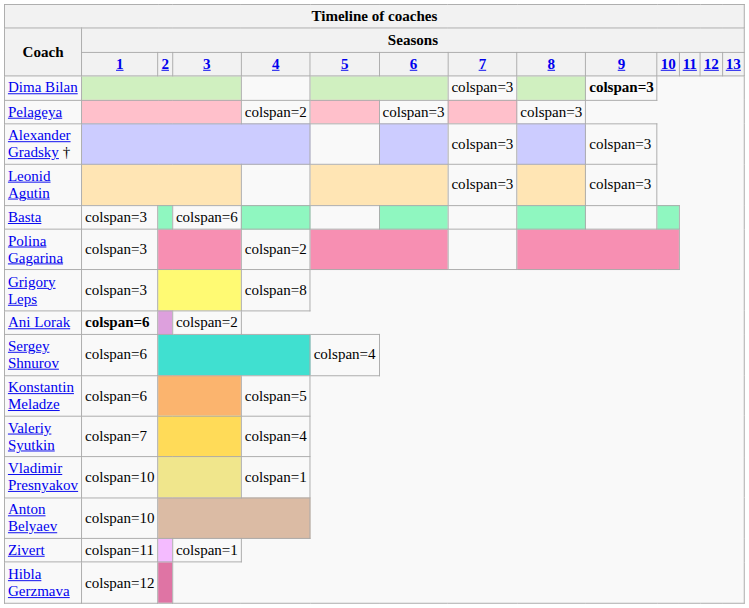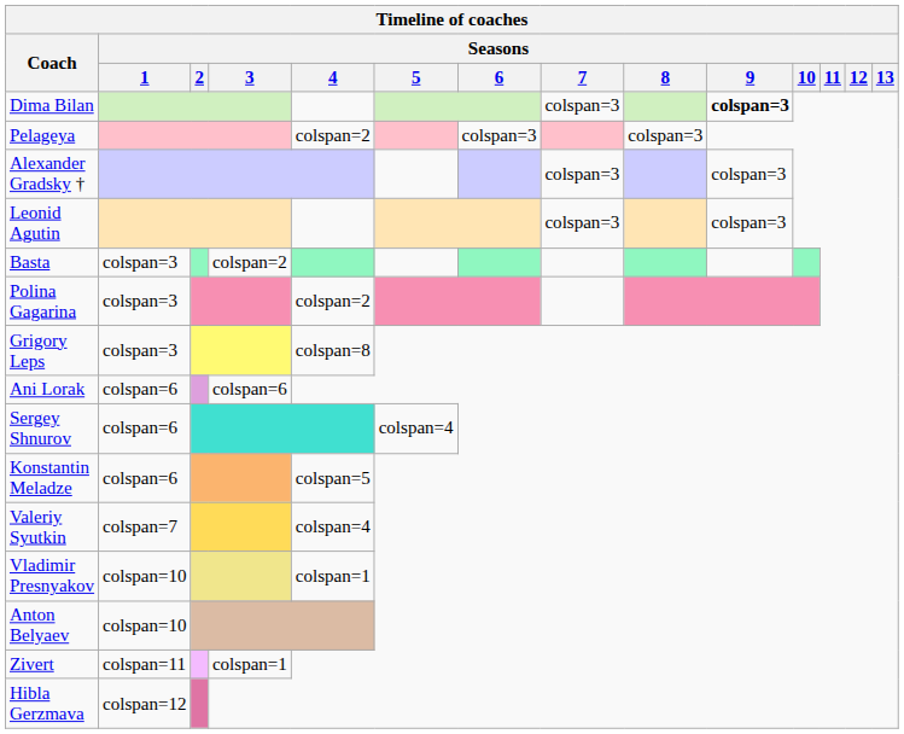 <table class="wikitable plainrowheaders collapsible mw-collapsible" style="max-width:600px">
 <tr>
 <th colspan=14>Timeline of coaches</th>
 </tr>
 <tr>
 <th rowspan="2">Coach</th>
 <th colspan="13">Seasons</th>
 </tr>
 <tr>
 <th style="width:5%"><a href='#'>1</a></th>
 <th style="width:5%"><a href='#'>2</a></th>
 <th style="width:5%"><a href='#'>3</a></th>
 <th style="width:5%"><a href='#'>4</a></th>
 <th style="width:5%"><a href='#'>5</a></th>
 <th style="width:5%"><a href='#'>6</a></th>
 <th style="width:5%"><a href='#'>7</a></th>
 <th style="width:5%"><a href='#'>8</a></th>
 <th style="width:5%"><a href='#'>9</a></th>
 <th style="width:5%"><a href='#'>10</a></th>
 <th style="width:5%"><a href='#'>11</a></th>
 <th style="width:5%"><a href='#'>12</a></th>
 <th style="width:5%"><a href='#'>13</a></th>
 </tr>
 <tr>
 <td><a href='#'>Dima Bilan</a></td>
 <td colspan=3 bgcolor="#d0f0c0"></td>
 <td></td>
 <td colspan=2 bgcolor="#d0f0c0"></td>
 <td>colspan=3 </td>
 <td bgcolor="#d0f0c0"></td>
 <td><strong>colspan=3 </strong></td>
 </tr>
 <tr>
 <td><a href='#'>Pelageya</a></td>
 <td colspan=3 bgcolor="pink"></td>
 <td>colspan=2 </td>
 <td bgcolor="pink"></td>
 <td>colspan=3 </td>
 <td bgcolor="pink"></td>
 <td>colspan=3 </td>
 </tr>
 <tr>
 <td><a href='#'>Alexander Gradsky</a> †</td>
 <td colspan=4 bgcolor="#ccf"></td>
 <td></td>
 <td bgcolor="#ccf"></td>
 <td>colspan=3 </td>
 <td bgcolor="#ccf"></td>
 <td>colspan=3 </td>
 </tr>
 <tr>
 <td><a href='#'>Leonid Agutin</a></td>
 <td colspan=3 bgcolor="#ffe5b4"></td>
 <td></td>
 <td colspan=2 bgcolor="#ffe5b4"></td>
 <td>colspan=3 </td>
 <td bgcolor="#ffe5b4"></td>
 <td>colspan=3 </td>
 </tr>
 <tr>
 <td><a href='#'>Basta</a></td>
 <td>colspan=3 </td>
 <td bgcolor="#8ff7c0"></td>
-<td>colspan=6 </td>
+<td>colspan=2 </td>
 <td bgcolor="#8ff7c0"></td>
 <td></td>
 <td bgcolor="#8ff7c0"></td>
 <td></td>
 <td bgcolor="#8ff7c0"></td>
 <td></td>
 <td bgcolor="#8ff7c0"></td>
 </tr>
 <tr>
 <td><a href='#'>Polina Gagarina</a></td>
 <td>colspan=3 </td>
 <td colspan=2 bgcolor="#f78fb2"></td>
 <td>colspan=2 </td>
 <td colspan=2 bgcolor="#f78fb2"></td>
 <td></td>
 <td colspan=3 bgcolor="#f78fb2"></td>
 </tr>
 <tr>
 <td><a href='#'>Grigory Leps</a></td>
 <td>colspan=3 </td>
 <td colspan=2 bgcolor="#fffa73"></td>
 <td>colspan=8 </td>
 </tr>
 <tr>
 <td><a href='#'>Ani Lorak</a></td>
-<td><strong>colspan=6 </strong></td>
+<td>colspan=6 </td>
 <td bgcolor="#dda0dd"></td>
-<td>colspan=2 </td>
+<td>colspan=6 </td>
 </tr>
 <tr>
 <td><a href='#'>Sergey Shnurov</a></td>
 <td>colspan=6 </td>
 <td colspan=3 bgcolor="turquoise"></td>
 <td>colspan=4 </td>
 </tr>
 <tr>
 <td><a href='#'>Konstantin Meladze</a></td>
 <td>colspan=6 </td>
 <td colspan=2 bgcolor="fbb46e"></td>
 <td>colspan=5 </td>
 </tr>
 <tr>
 <td><a href='#'>Valeriy Syutkin</a></td>
 <td>colspan=7 </td>
 <td colspan=2 bgcolor="#ffdb58"></td>
 <td>colspan=4 </td>
 </tr>
 <tr>
 <td><a href='#'>Vladimir Presnyakov</a></td>
 <td>colspan=10 </td>
 <td colspan=2 bgcolor="khaki "></td>
 <td>colspan=1 </td>
 </tr>
 <tr>
 <td><a href='#'>Anton Belyaev</a></td>
 <td>colspan=10 </td>
 <td colspan=3 bgcolor="#dbbba4 "></td>
 </tr>
 <tr>
 <td><a href='#'>Zivert</a></td>
 <td>colspan=11 </td>
 <td bgcolor="#f4bbff"></td>
 <td>colspan=1 </td>
 </tr>
 <tr>
 <td><a href='#'>Hibla Gerzmava</a></td>
 <td>colspan=12 </td>
 <td style="background:#df74a4"></td>
 </tr>
 </table>
